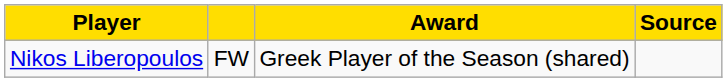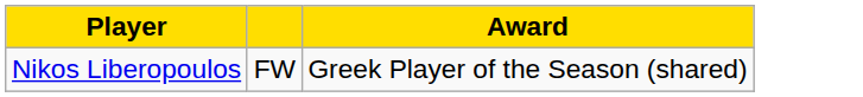 <table class="wikitable">
 <tr>
 <th style="background:#FFDE00">Player</th>
 <th style="background:#FFDE00"></th>
 <th style="background:#FFDE00">Award</th>
-<th style="background:#FFDE00">Source</th>
 </tr>
 <tr>
 <td> <a href='#'>Nikos Liberopoulos</a></td>
 <td align="center">FW</td>
 <td align="center">Greek Player of the Season (shared)</td>
-<td align="center"></td>
 </tr>
 </table>
